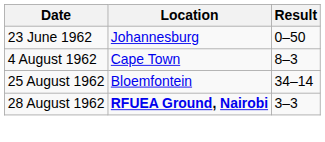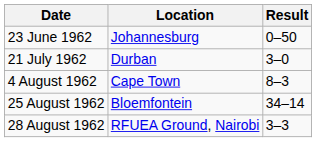 <table class="wikitable" style="align:center;">
 <tr>
 <th>Date</th>
 <th>Location</th>
 <th>Result</th>
 </tr>
 <tr>
 <td>23 June 1962</td>
 <td><a href='#'>Johannesburg</a></td>
 <td> 0–50 </td>
+</tr>
+<tr>
+<td>21 July 1962</td>
+<td><a href='#'>Durban</a></td>
+<td> 3–0 </td>
 </tr>
 <tr>
 <td>4 August 1962</td>
 <td><a href='#'>Cape Town</a></td>
 <td> 8–3 </td>
 </tr>
 <tr>
 <td>25 August 1962</td>
 <td><a href='#'>Bloemfontein</a></td>
 <td> 34–14 </td>
 </tr>
 <tr>
 <td>28 August 1962</td>
-<td><strong><a href='#'>RFUEA Ground</a>, <a href='#'>Nairobi</a></strong></td>
+<td><a href='#'>RFUEA Ground</a>, <a href='#'>Nairobi</a></td>
 <td> 3–3 </td>
 </tr>
 </table>
